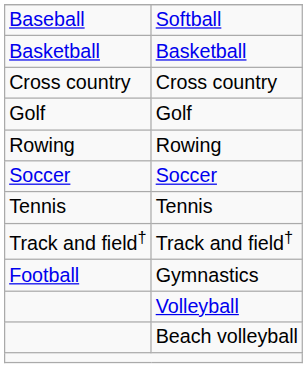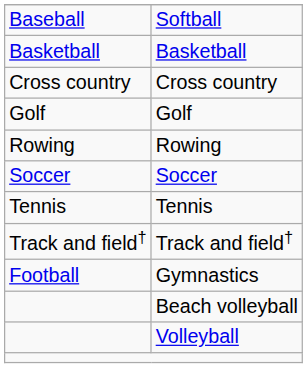 <table class="wikitable" style= " ">
 <tr>
 </tr>
 <tr>
 <td><a href='#'>Baseball</a></td>
 <td><a href='#'>Softball</a></td>
 </tr>
 <tr>
 <td><a href='#'>Basketball</a></td>
 <td><a href='#'>Basketball</a></td>
 </tr>
 <tr>
 <td>Cross country</td>
 <td>Cross country</td>
 </tr>
 <tr>
 <td>Golf</td>
 <td>Golf</td>
 </tr>
 <tr>
 <td>Rowing</td>
 <td>Rowing</td>
 </tr>
 <tr>
 <td><a href='#'>Soccer</a></td>
 <td><a href='#'>Soccer</a></td>
 </tr>
 <tr>
 <td>Tennis</td>
 <td>Tennis</td>
 </tr>
 <tr>
 <td>Track and field<sup>†</sup></td>
 <td>Track and field<sup>†</sup></td>
 </tr>
 <tr>
 <td><a href='#'>Football</a></td>
 <td>Gymnastics</td>
 </tr>
 <tr>
 <td></td>
-<td><a href='#'>Volleyball</a></td>
+<td>Beach volleyball</td>
 </tr>
 <tr>
 <td></td>
-<td>Beach volleyball</td>
+<td><a href='#'>Volleyball</a></td>
 </tr>
 <tr>
 <td colspan="2"></td>
 </tr>
 </table>
